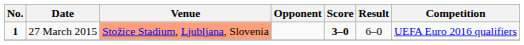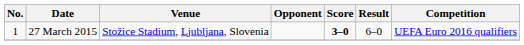 <table class="wikitable sortable">
 <tr>
 <th scope="col">No.</th>
 <th scope="col">Date</th>
 <th scope="col">Venue</th>
 <th scope="col">Opponent</th>
 <th scope="col">Score</th>
 <th scope="col">Result</th>
 <th scope="col">Competition</th>
 </tr>
 <tr>
-<td align=center><strong>1</strong></td>
+<td align=center>1</td>
 <td>27 March 2015</td>
-<td style="background: lightsalmon;"><a href='#'>Stožice Stadium</a>, <a href='#'>Ljubljana</a>, Slovenia</td>
+<td><a href='#'>Stožice Stadium</a>, <a href='#'>Ljubljana</a>, Slovenia</td>
 <td></td>
 <td align=center><strong>3–0</strong></td>
 <td align=center>6–0</td>
 <td><a href='#'>UEFA Euro 2016 qualifiers</a></td>
 </tr>
 <tr>
 </tr>
 </table>
